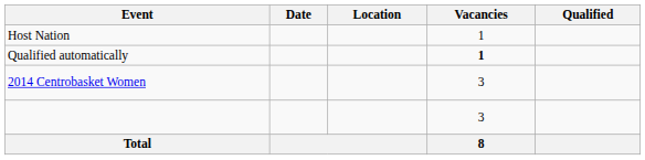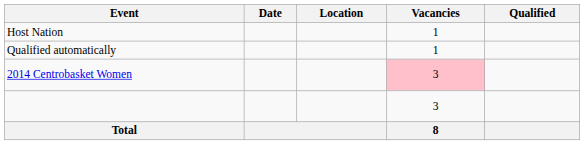 <table class="wikitable" width=800>
 <tr>
 <th>Event</th>
 <th>Date</th>
 <th>Location</th>
 <th>Vacancies</th>
 <th>Qualified</th>
 </tr>
 <tr>
 <td>Host Nation</td>
 <td></td>
 <td></td>
 <td align=center>1</td>
 <td></td>
 </tr>
 <tr>
 <td>Qualified automatically</td>
 <td></td>
 <td></td>
-<td align=center><strong>1</strong></td>
+<td align=center>1</td>
 <td></td>
 </tr>
 <tr>
 <td><a href='#'>2014 Centrobasket Women</a></td>
 <td></td>
 <td></td>
-<td align=center>3</td>
+<td align=center style="background: pink;">3</td>
 <td><br><br></td>
 </tr>
 <tr>
 <td></td>
 <td></td>
 <td></td>
 <td align=center>3</td>
 <td><br><br></td>
 </tr>
 <tr>
 <th>Total</th>
 <th colspan="2"></th>
 <th>8</th>
 <th></th>
 </tr>
 </table>
